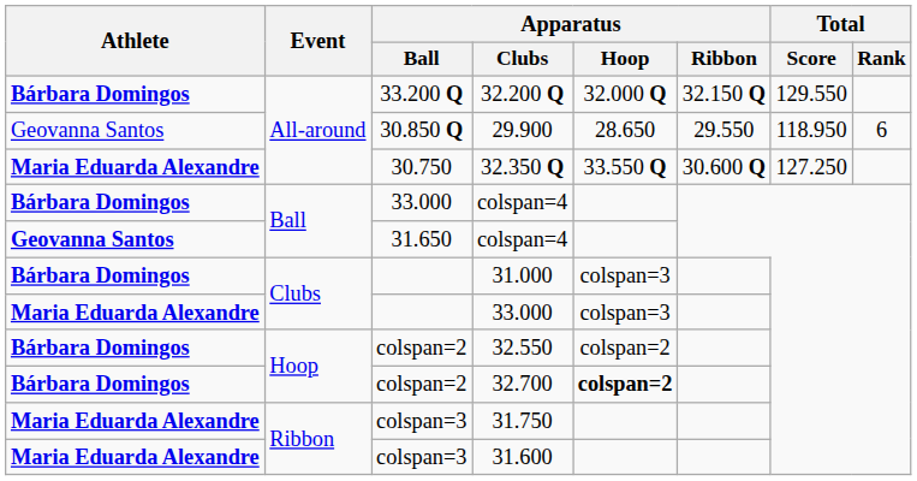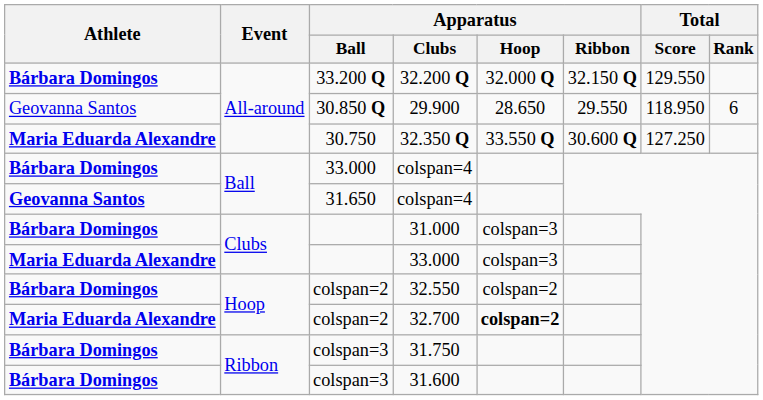 <table class=wikitable style=font-size:90%;text-align:center>
 <tr>
 <th rowspan=2>Athlete</th>
 <th rowspan=2>Event</th>
 <th colspan=4>Apparatus</th>
 <th colspan=2>Total</th>
 </tr>
 <tr style=font-size:95%>
 <th>Ball</th>
 <th>Clubs</th>
 <th>Hoop</th>
 <th>Ribbon</th>
 <th>Score</th>
 <th>Rank</th>
 </tr>
 <tr>
 <td align=left><strong><a href='#'>Bárbara Domingos</a></strong></td>
 <td align=left rowspan=3><a href='#'>All-around</a></td>
 <td>33.200 <strong>Q</strong></td>
 <td>32.200 <strong>Q</strong></td>
 <td>32.000 <strong>Q</strong></td>
 <td>32.150 <strong>Q</strong></td>
 <td>129.550</td>
 <td></td>
 </tr>
 <tr>
 <td align=left><a href='#'>Geovanna Santos</a></td>
 <td>30.850 <strong>Q</strong></td>
 <td>29.900</td>
 <td>28.650</td>
 <td>29.550</td>
 <td>118.950</td>
 <td>6</td>
 </tr>
 <tr>
 <td align=left><strong><a href='#'>Maria Eduarda Alexandre</a></strong></td>
 <td>30.750</td>
 <td>32.350 <strong>Q</strong></td>
 <td>33.550 <strong>Q</strong></td>
 <td>30.600 <strong>Q</strong></td>
 <td>127.250</td>
 <td></td>
 </tr>
 <tr>
 <td align=left><strong><a href='#'>Bárbara Domingos</a></strong></td>
 <td align=left rowspan=2><a href='#'>Ball</a></td>
 <td>33.000</td>
 <td>colspan=4 </td>
 <td></td>
 </tr>
 <tr>
 <td align=left><strong><a href='#'>Geovanna Santos</a></strong></td>
 <td>31.650</td>
 <td>colspan=4 </td>
 <td></td>
 </tr>
 <tr>
 <td align=left><strong><a href='#'>Bárbara Domingos</a></strong></td>
 <td align=left rowspan=2><a href='#'>Clubs</a></td>
 <td></td>
 <td>31.000</td>
 <td>colspan=3 </td>
 <td></td>
 </tr>
 <tr>
 <td align=left><strong><a href='#'>Maria Eduarda Alexandre</a></strong></td>
 <td></td>
 <td>33.000</td>
 <td>colspan=3 </td>
 <td></td>
 </tr>
 <tr>
 <td align=left><strong><a href='#'>Bárbara Domingos</a></strong></td>
 <td align=left rowspan=2><a href='#'>Hoop</a></td>
 <td>colspan=2 </td>
 <td>32.550</td>
 <td>colspan=2 </td>
 <td></td>
 </tr>
 <tr>
-<td align=left><strong><a href='#'>Bárbara Domingos</a></strong></td>
+<td align=left><strong><a href='#'>Maria Eduarda Alexandre</a></strong></td>
 <td>colspan=2 </td>
 <td>32.700</td>
 <td><strong>colspan=2 </strong></td>
 <td></td>
 </tr>
 <tr>
-<td align=left><strong><a href='#'>Maria Eduarda Alexandre</a></strong></td>
+<td align=left><strong><a href='#'>Bárbara Domingos</a></strong></td>
 <td align=left rowspan=2><a href='#'>Ribbon</a></td>
 <td>colspan=3 </td>
 <td>31.750</td>
 <td></td>
 <td></td>
 </tr>
 <tr>
-<td align=left><strong><a href='#'>Maria Eduarda Alexandre</a></strong></td>
+<td align=left><strong><a href='#'>Bárbara Domingos</a></strong></td>
 <td>colspan=3 </td>
 <td>31.600</td>
 <td></td>
 <td></td>
 </tr>
 </table>
